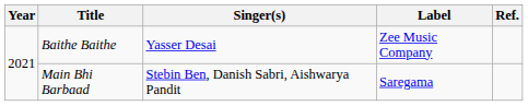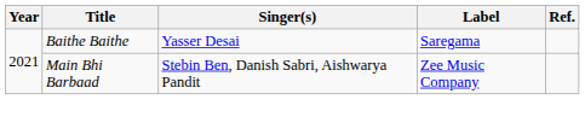 <table class="wikitable">
 <tr>
 <th>Year</th>
 <th>Title</th>
 <th>Singer(s)</th>
 <th>Label</th>
 <th>Ref.</th>
 </tr>
 <tr>
 <td rowspan="2">2021</td>
 <td><em>Baithe Baithe</em></td>
 <td><a href='#'>Yasser Desai</a></td>
-<td><a href='#'>Zee Music Company</a></td>
+<td><a href='#'>Saregama</a></td>
 <td></td>
 </tr>
 <tr>
 <td><em>Main Bhi Barbaad</em></td>
 <td><a href='#'>Stebin Ben</a>, Danish Sabri, Aishwarya Pandit</td>
-<td><a href='#'>Saregama</a></td>
+<td><a href='#'>Zee Music Company</a></td>
 <td></td>
 </tr>
 </table>
